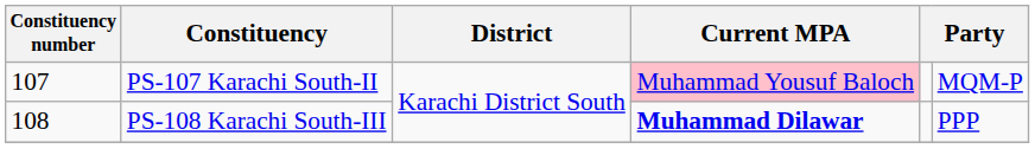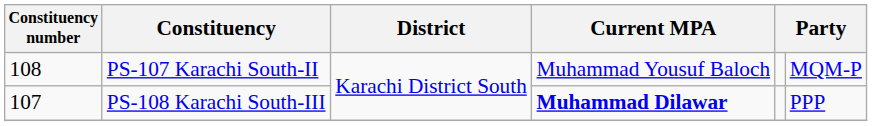 <table class="wikitable">
 <tr>
 <th width="50px" style="font-size:75%">Constituency number</th>
 <th>Constituency</th>
 <th>District</th>
 <th>Current MPA</th>
 <th colspan="2">Party</th>
 </tr>
 <tr>
-<td>107</td>
+<td>108</td>
 <td><a href='#'>PS-107 Karachi South-II</a></td>
 <td rowspan="2"><a href='#'>Karachi District South</a></td>
-<td style="background: pink;"><a href='#'>Muhammad Yousuf Baloch</a></td>
+<td><a href='#'>Muhammad Yousuf Baloch</a></td>
 <td></td>
 <td><a href='#'>MQM-P</a></td>
 </tr>
 <tr>
-<td>108</td>
+<td>107</td>
 <td><a href='#'>PS-108 Karachi South-III</a></td>
 <td><strong><a href='#'>Muhammad Dilawar</a></strong></td>
 <td></td>
 <td><a href='#'>PPP</a></td>
 </tr>
 <tr>
 </tr>
 </table>
